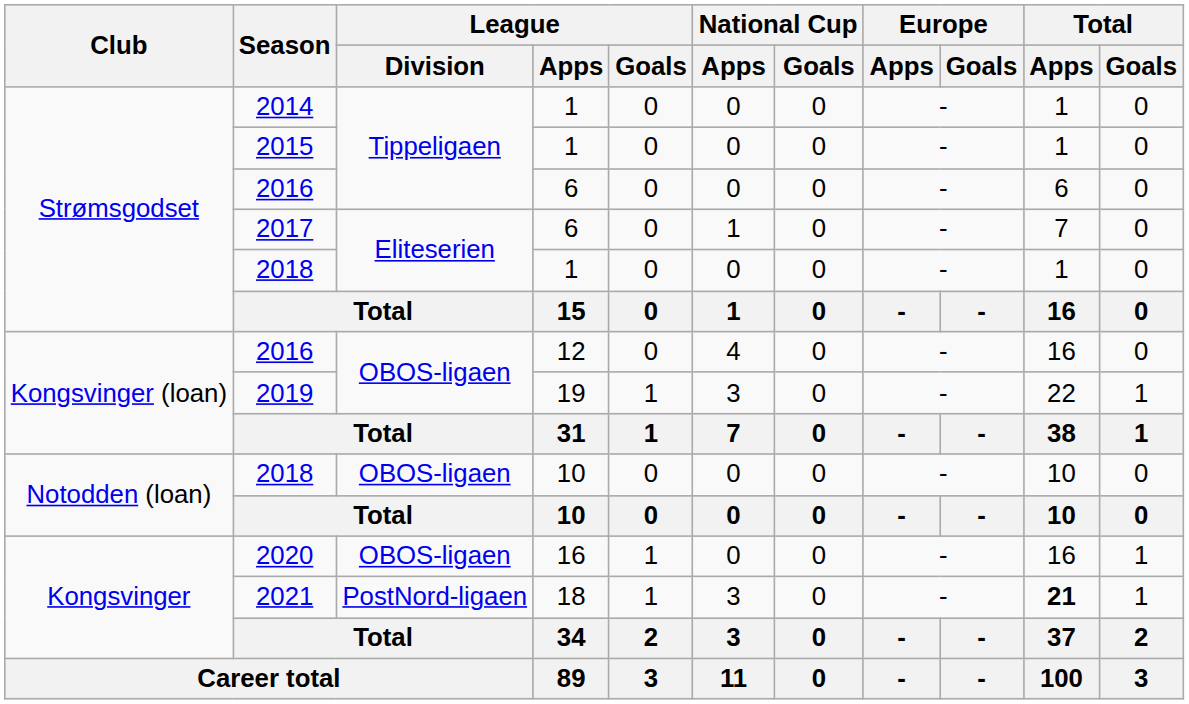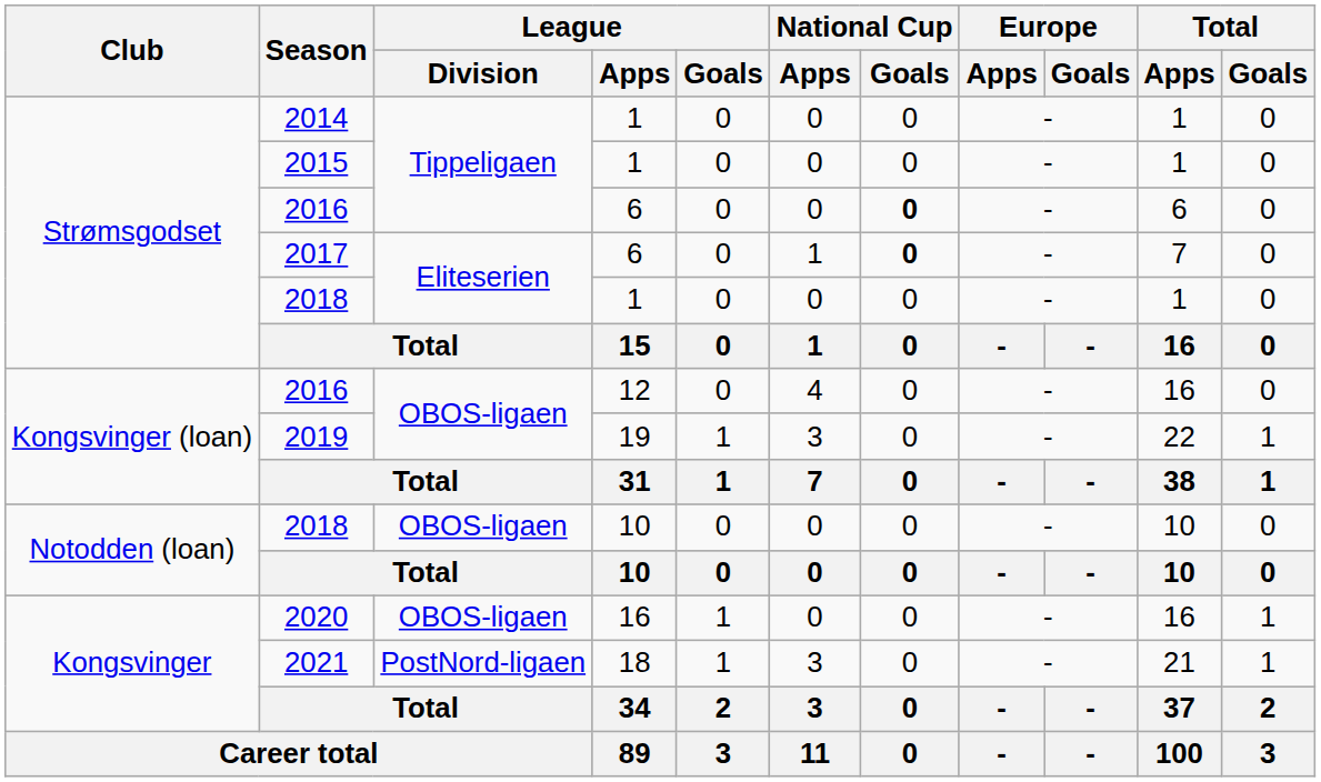 <table class="wikitable" style="text-align: center;">
 <tr>
 <th rowspan="2">Club</th>
 <th rowspan="2">Season</th>
 <th colspan="3">League</th>
 <th colspan="2">National Cup</th>
 <th colspan="2">Europe</th>
 <th colspan="2">Total</th>
 </tr>
 <tr>
 <th>Division</th>
 <th>Apps</th>
 <th>Goals</th>
 <th>Apps</th>
 <th>Goals</th>
 <th>Apps</th>
 <th>Goals</th>
 <th>Apps</th>
 <th>Goals</th>
 </tr>
 <tr>
 <td rowspan="6"><a href='#'>Strømsgodset</a></td>
 <td><a href='#'>2014</a></td>
 <td rowspan="3"><a href='#'>Tippeligaen</a></td>
 <td>1</td>
 <td>0</td>
 <td>0</td>
 <td>0</td>
 <td colspan="2">-</td>
 <td>1</td>
 <td>0</td>
 </tr>
 <tr>
 <td><a href='#'>2015</a></td>
 <td>1</td>
 <td>0</td>
 <td>0</td>
 <td>0</td>
 <td colspan="2">-</td>
 <td>1</td>
 <td>0</td>
 </tr>
 <tr>
 <td><a href='#'>2016</a></td>
 <td>6</td>
 <td>0</td>
 <td>0</td>
-<td>0</td>
+<td><strong>0</strong></td>
 <td colspan="2">-</td>
 <td>6</td>
 <td>0</td>
 </tr>
 <tr>
 <td><a href='#'>2017</a></td>
 <td rowspan="2"><a href='#'>Eliteserien</a></td>
 <td>6</td>
 <td>0</td>
 <td>1</td>
-<td>0</td>
+<td><strong>0</strong></td>
 <td colspan="2">-</td>
 <td>7</td>
 <td>0</td>
 </tr>
 <tr>
 <td><a href='#'>2018</a></td>
 <td>1</td>
 <td>0</td>
 <td>0</td>
 <td>0</td>
 <td colspan="2">-</td>
 <td>1</td>
 <td>0</td>
 </tr>
 <tr>
 <th colspan="2">Total</th>
 <th>15</th>
 <th>0</th>
 <th>1</th>
 <th>0</th>
 <th>-</th>
 <th>-</th>
 <th>16</th>
 <th>0</th>
 </tr>
 <tr>
 <td rowspan="3"><a href='#'>Kongsvinger</a> (loan)</td>
 <td><a href='#'>2016</a></td>
 <td rowspan="2"><a href='#'>OBOS-ligaen</a></td>
 <td>12</td>
 <td>0</td>
 <td>4</td>
 <td>0</td>
 <td colspan="2">-</td>
 <td>16</td>
 <td>0</td>
 </tr>
 <tr>
 <td><a href='#'>2019</a></td>
 <td>19</td>
 <td>1</td>
 <td>3</td>
 <td>0</td>
 <td colspan="2">-</td>
 <td>22</td>
 <td>1</td>
 </tr>
 <tr>
 <th colspan="2">Total</th>
 <th>31</th>
 <th>1</th>
 <th>7</th>
 <th>0</th>
 <th>-</th>
 <th>-</th>
 <th>38</th>
 <th>1</th>
 </tr>
 <tr>
 <td rowspan="2"><a href='#'>Notodden</a> (loan)</td>
 <td><a href='#'>2018</a></td>
 <td rowspan="1"><a href='#'>OBOS-ligaen</a></td>
 <td>10</td>
 <td>0</td>
 <td>0</td>
 <td>0</td>
 <td colspan="2">-</td>
 <td>10</td>
 <td>0</td>
 </tr>
 <tr>
 <th colspan="2">Total</th>
 <th>10</th>
 <th>0</th>
 <th>0</th>
 <th>0</th>
 <th>-</th>
 <th>-</th>
 <th>10</th>
 <th>0</th>
 </tr>
 <tr>
 <td rowspan="3"><a href='#'>Kongsvinger</a></td>
 <td><a href='#'>2020</a></td>
 <td rowspan="1"><a href='#'>OBOS-ligaen</a></td>
 <td>16</td>
 <td>1</td>
 <td>0</td>
 <td>0</td>
 <td colspan="2">-</td>
 <td>16</td>
 <td>1</td>
 </tr>
 <tr>
 <td><a href='#'>2021</a></td>
 <td rowspan="1"><a href='#'>PostNord-ligaen</a></td>
 <td>18</td>
 <td>1</td>
 <td>3</td>
 <td>0</td>
 <td colspan="2">-</td>
-<td><strong>21</strong></td>
+<td>21</td>
 <td>1</td>
 </tr>
 <tr>
 <th colspan="2">Total</th>
 <th>34</th>
 <th>2</th>
 <th>3</th>
 <th>0</th>
 <th>-</th>
 <th>-</th>
 <th>37</th>
 <th>2</th>
 </tr>
 <tr>
 <th colspan="3">Career total</th>
 <th>89</th>
 <th>3</th>
 <th>11</th>
 <th>0</th>
 <th>-</th>
 <th>-</th>
 <th>100</th>
 <th>3</th>
 </tr>
 </table>
